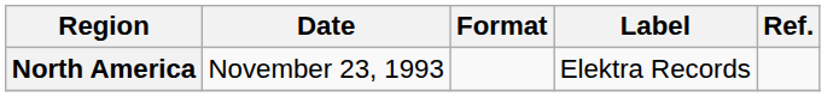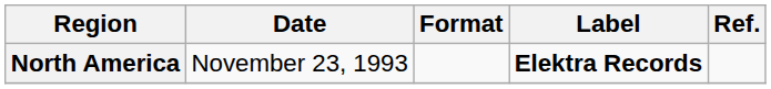 <table class="wikitable plainrowheaders">
 <tr>
 <th scope="col">Region</th>
 <th scope="col">Date</th>
 <th scope="col">Format</th>
 <th scope="col">Label</th>
 <th scope="col">Ref.</th>
 </tr>
 <tr>
 <th scope="row">North America</th>
 <td>November 23, 1993</td>
 <td></td>
-<td>Elektra Records</td>
+<td><strong>Elektra Records</strong></td>
 <td></td>
 </tr>
 <tr>
 </tr>
 </table>
